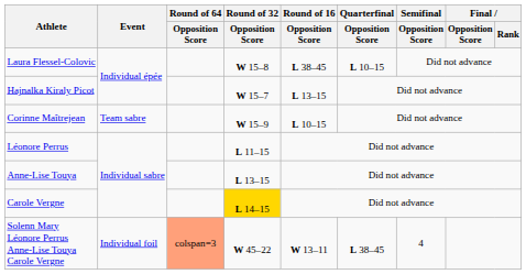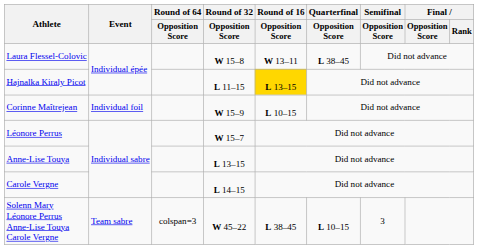 <table class="wikitable" style="font-size:90%">
 <tr>
 <th rowspan="2">Athlete</th>
 <th rowspan="2">Event</th>
 <th>Round of 64</th>
 <th>Round of 32</th>
 <th>Round of 16</th>
 <th>Quarterfinal</th>
 <th>Semifinal</th>
 <th colspan=2>Final / </th>
 </tr>
 <tr style="font-size:95%">
 <th>Opposition <br> Score</th>
 <th>Opposition <br> Score</th>
 <th>Opposition <br> Score</th>
 <th>Opposition <br> Score</th>
 <th>Opposition <br> Score</th>
 <th>Opposition <br> Score</th>
 <th>Rank</th>
 </tr>
 <tr align=center>
 <td align=left><a href='#'>Laura Flessel-Colovic</a></td>
 <td align=left rowspan=2><a href='#'>Individual épée</a></td>
 <td></td>
 <td><br><strong>W</strong> 15–8</td>
+<td><br><strong>W</strong> 13–11</td>
 <td><br><strong>L</strong> 38–45</td>
-<td><br><strong>L</strong> 10–15</td>
 <td colspan=3>Did not advance</td>
 </tr>
 <tr align=center>
 <td align=left><a href='#'>Hajnalka Kiraly Picot</a></td>
 <td></td>
-<td><br><strong>W</strong> 15–7</td>
-<td><br><strong>L</strong> 13–15</td>
+<td><br><strong>L</strong> 11–15</td>
+<td style="background: gold;"><br><strong>L</strong> 13–15</td>
 <td colspan=4>Did not advance</td>
 </tr>
 <tr align=center>
 <td align=left><a href='#'>Corinne Maîtrejean</a></td>
-<td align=left><a href='#'>Team sabre</a></td>
+<td align=left><a href='#'>Individual foil</a></td>
 <td></td>
 <td><br><strong>W</strong> 15–9</td>
 <td><br><strong>L</strong> 10–15</td>
 <td colspan=4>Did not advance</td>
 </tr>
 <tr align=center>
 <td align=left><a href='#'>Léonore Perrus</a></td>
 <td align=left rowspan=3><a href='#'>Individual sabre</a></td>
 <td></td>
-<td><br><strong>L</strong> 11–15</td>
+<td><br><strong>W</strong> 15–7</td>
 <td colspan=5>Did not advance</td>
 </tr>
 <tr align=center>
 <td align=left><a href='#'>Anne-Lise Touya</a></td>
 <td></td>
 <td><br><strong>L</strong> 13–15</td>
 <td colspan=5>Did not advance</td>
 </tr>
 <tr align=center>
 <td align=left><a href='#'>Carole Vergne</a></td>
 <td></td>
-<td style="background: gold;"><br><strong>L</strong> 14–15</td>
+<td><br><strong>L</strong> 14–15</td>
 <td colspan=5>Did not advance</td>
 </tr>
 <tr align=center>
 <td align=left><a href='#'>Solenn Mary</a><br><a href='#'>Léonore Perrus</a><br><a href='#'>Anne-Lise Touya</a><br><a href='#'>Carole Vergne</a></td>
-<td align=left><a href='#'>Individual foil</a></td>
-<td style="background: lightsalmon;">colspan=3 </td>
+<td align=left><a href='#'>Team sabre</a></td>
+<td>colspan=3 </td>
 <td><br><strong>W</strong> 45–22</td>
-<td><br><strong>W</strong> 13–11</td>
 <td><br><strong>L</strong> 38–45</td>
-<td>4</td>
+<td><br><strong>L</strong> 10–15</td>
+<td>3</td>
 </tr>
 </table>
